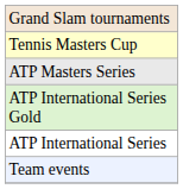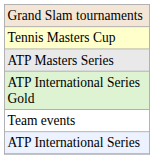 <table class="wikitable"  style="font-size:95%; width:13%;">
 <tr style="background:#F3E6D7;">
 <td>Grand Slam tournaments</td>
 </tr>
 <tr style="background:#ffffcc;">
 <td>Tennis Masters Cup</td>
 </tr>
 <tr style="background:#E9E9E9;">
 <td>ATP Masters Series</td>
 </tr>
 <tr style="background:#DDF3D1;">
 <td>ATP International Series Gold</td>
 </tr>
 <tr style="background:#ffffff;">
-<td>ATP International Series</td>
+<td>Team events</td>
 </tr>
 <tr style="background:#ECF2FF;">
-<td>Team events</td>
+<td>ATP International Series</td>
 </tr>
 <tr>
 </tr>
 </table>
